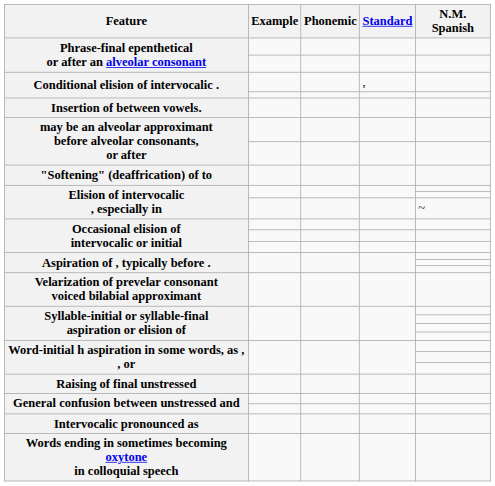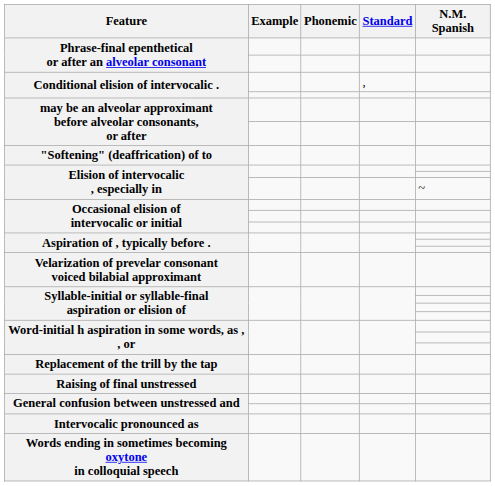 <table class="wikitable" style="margin:1em auto 1em auto;">
 <tr>
 <th>Feature</th>
 <th>Example</th>
 <th>Phonemic</th>
 <th><a href='#'>Standard</a></th>
 <th>N.M. Spanish</th>
 </tr>
 <tr>
 <th rowspan="2">Phrase-final epenthetical <br>  or  after an <a href='#'>alveolar consonant</a></th>
 <td></td>
 <td></td>
 <td></td>
 <td></td>
 </tr>
 <tr>
 <td></td>
 <td></td>
 <td></td>
 <td></td>
 </tr>
 <tr>
 <th rowspan="2">Conditional elision of intervocalic .</th>
 <td></td>
 <td></td>
 <td>,</td>
 <td></td>
 </tr>
 <tr>
-<td></td>
-<td></td>
-<td></td>
-<td></td>
-</tr>
-<tr>
-<th>Insertion of  between vowels.</th>
 <td></td>
 <td></td>
 <td></td>
 <td></td>
 </tr>
 <tr>
 <th rowspan="2"> may be an alveolar approximant <br>before alveolar consonants,<br>or after </th>
 <td></td>
 <td></td>
 <td></td>
 <td></td>
 </tr>
 <tr>
 <td></td>
 <td></td>
 <td></td>
 <td></td>
 </tr>
 <tr>
 <th>"Softening" (deaffrication) of  to  </th>
 <td></td>
 <td></td>
 <td></td>
 <td></td>
 </tr>
 <tr>
 <th rowspan="3">Elision of intervocalic<br> ,  especially in <br></th>
 <td rowspan="2"></td>
 <td rowspan="2"></td>
 <td rowspan="2"></td>
 <td></td>
 </tr>
 <tr>
 <td></td>
 </tr>
 <tr>
 <td></td>
 <td></td>
 <td></td>
 <td> ~ </td>
 </tr>
 <tr>
 <th rowspan="3">Occasional elision of<br>intervocalic  or initial </th>
 <td></td>
 <td></td>
 <td></td>
 <td></td>
 </tr>
 <tr>
 <td></td>
 <td></td>
 <td></td>
 <td></td>
 </tr>
 <tr>
 <td></td>
 <td></td>
 <td></td>
 <td></td>
 </tr>
 <tr>
 <th rowspan="3">Aspiration of , typically before .</th>
 <td rowspan="3"></td>
 <td rowspan="3"></td>
 <td rowspan="3"></td>
 <td></td>
 </tr>
 <tr>
 <td></td>
 </tr>
 <tr>
 <td></td>
 </tr>
 <tr>
 <th>Velarization of prevelar consonant <br> voiced bilabial approximant</th>
 <td></td>
 <td></td>
 <td></td>
 <td></td>
 </tr>
 <tr>
 <th rowspan="4">Syllable-initial or syllable-final<br>aspiration or elision of </th>
 <td rowspan="4"></td>
 <td rowspan="4"></td>
 <td rowspan="4"></td>
 <td></td>
 </tr>
 <tr>
 <td></td>
 </tr>
 <tr>
 <td></td>
 </tr>
 <tr>
 <td></td>
 </tr>
 <tr>
 <th rowspan ="3">Word-initial h aspiration in some words, as , , or </th>
 <td rowspan ="3"></td>
 <td rowspan ="3"></td>
 <td rowspan ="3"></td>
 <td></td>
 </tr>
 <tr>
 <td></td>
 </tr>
 <tr>
 <td></td>
 </tr>
 <tr>
+<th>Replacement of the trill  by the tap </th>
+<td></td>
+<td></td>
+<td></td>
+<td></td>
+</tr>
+<tr>
 <th>Raising of final unstressed </th>
 <td></td>
 <td></td>
 <td></td>
 <td></td>
 </tr>
 <tr>
 <th rowspan="2">General confusion between unstressed  and </th>
 <td></td>
 <td></td>
 <td></td>
 <td></td>
 </tr>
 <tr>
 <td></td>
 <td></td>
 <td></td>
 <td></td>
 </tr>
 <tr>
 <th>Intervocalic  pronounced as </th>
 <td></td>
 <td></td>
 <td></td>
 <td></td>
 </tr>
 <tr>
 <th>Words ending in  sometimes becoming <a href='#'>oxytone</a> <br> in colloquial speech</th>
 <td></td>
 <td></td>
 <td></td>
 <td></td>
 </tr>
 </table>
